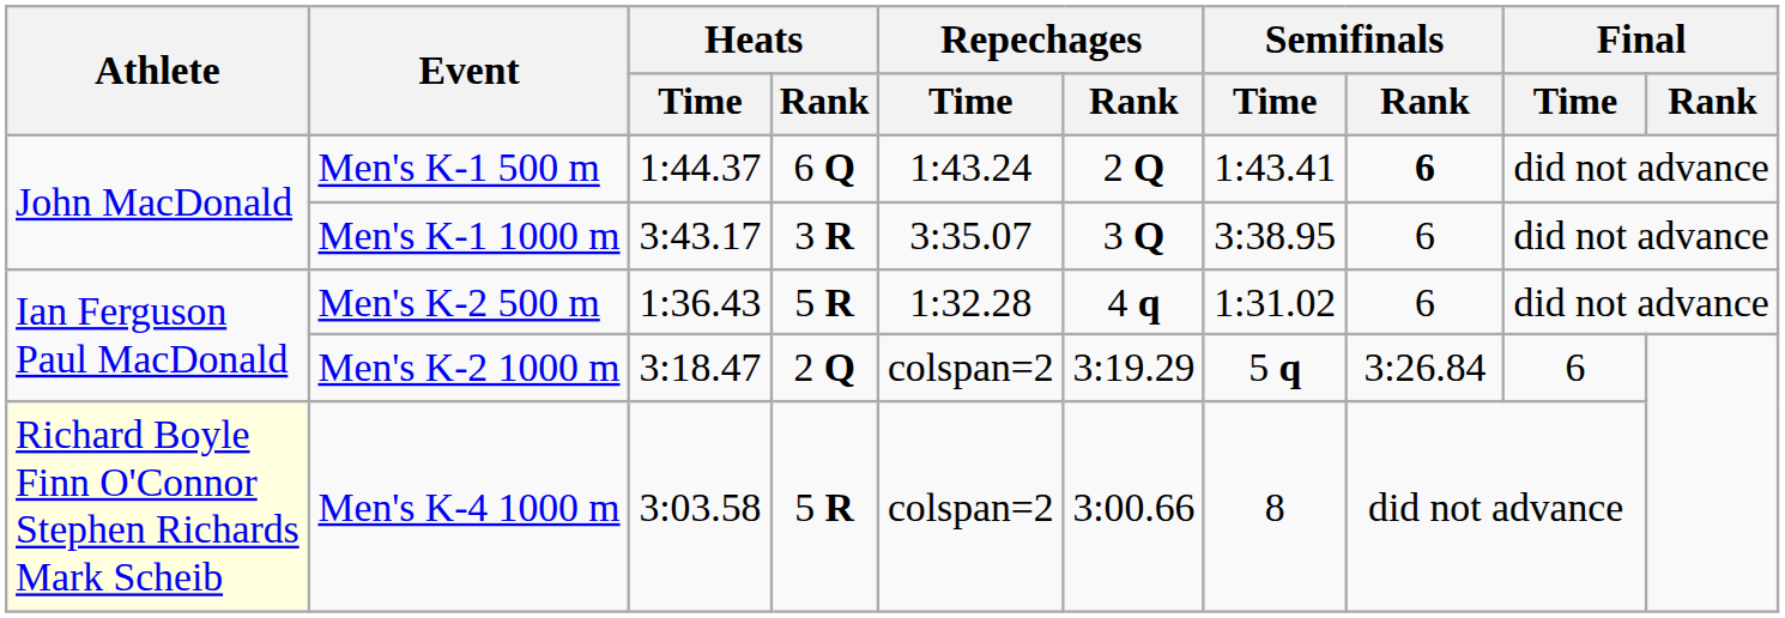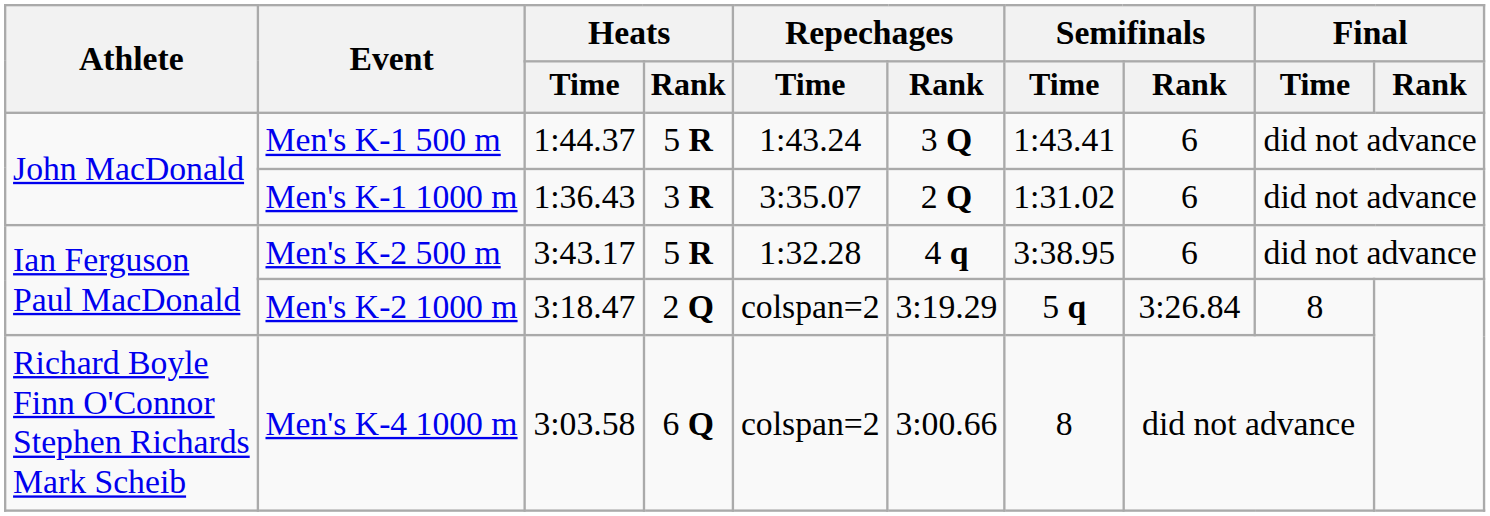 <table class="wikitable" style="font-size:90%;text-align:center;">
 <tr>
 <th rowspan=2>Athlete</th>
 <th rowspan=2>Event</th>
 <th colspan=2>Heats</th>
 <th colspan=2>Repechages</th>
 <th colspan=2>Semifinals</th>
 <th colspan=2>Final</th>
 </tr>
 <tr style="font-size:95%">
 <th>Time</th>
 <th>Rank</th>
 <th>Time</th>
 <th>Rank</th>
 <th>Time</th>
 <th>Rank</th>
 <th>Time</th>
 <th>Rank</th>
 </tr>
 <tr>
 <td align=left rowspan=2><a href='#'>John MacDonald</a></td>
 <td align=left><a href='#'>Men's K-1 500 m</a></td>
 <td>1:44.37</td>
-<td>6 <strong>Q</strong></td>
+<td>5 <strong>R</strong></td>
 <td>1:43.24</td>
-<td>2 <strong>Q</strong></td>
+<td>3 <strong>Q</strong></td>
 <td>1:43.41</td>
-<td><strong>6</strong></td>
+<td>6</td>
 <td colspan=2>did not advance</td>
 </tr>
 <tr>
 <td align=left><a href='#'>Men's K-1 1000 m</a></td>
-<td>3:43.17</td>
+<td>1:36.43</td>
 <td>3 <strong>R</strong></td>
 <td>3:35.07</td>
-<td>3 <strong>Q</strong></td>
-<td>3:38.95</td>
+<td>2 <strong>Q</strong></td>
+<td>1:31.02</td>
 <td>6</td>
 <td colspan=2>did not advance</td>
 </tr>
 <tr>
 <td align=left rowspan=2><a href='#'>Ian Ferguson</a><br><a href='#'>Paul MacDonald</a></td>
 <td align=left><a href='#'>Men's K-2 500 m</a></td>
-<td>1:36.43</td>
+<td>3:43.17</td>
 <td>5 <strong>R</strong></td>
 <td>1:32.28</td>
 <td>4 <strong>q</strong></td>
-<td>1:31.02</td>
+<td>3:38.95</td>
 <td>6</td>
 <td colspan=2>did not advance</td>
 </tr>
 <tr>
 <td align=left><a href='#'>Men's K-2 1000 m</a></td>
 <td>3:18.47</td>
 <td>2 <strong>Q</strong></td>
 <td>colspan=2 </td>
 <td>3:19.29</td>
 <td>5 <strong>q</strong></td>
 <td>3:26.84</td>
-<td>6</td>
+<td>8</td>
 </tr>
 <tr>
-<td align=left style="background: lightyellow;"><a href='#'>Richard Boyle</a><br><a href='#'>Finn O'Connor</a><br><a href='#'>Stephen Richards</a><br><a href='#'>Mark Scheib</a></td>
+<td align=left><a href='#'>Richard Boyle</a><br><a href='#'>Finn O'Connor</a><br><a href='#'>Stephen Richards</a><br><a href='#'>Mark Scheib</a></td>
 <td align=left><a href='#'>Men's K-4 1000 m</a></td>
 <td>3:03.58</td>
-<td>5 <strong>R</strong></td>
+<td>6 <strong>Q</strong></td>
 <td>colspan=2 </td>
 <td>3:00.66</td>
 <td>8</td>
 <td colspan=2>did not advance</td>
 </tr>
 </table>
